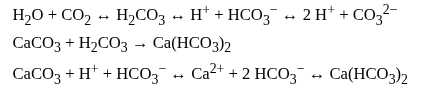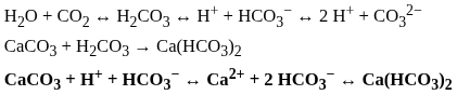 <table class="nogrid" style="margin:auto;">
 <tr>
 <td>H<sub>2</sub>O + CO<sub>2</sub> ↔ H<sub>2</sub>CO<sub>3</sub> ↔ H<sup>+</sup> + HCO<sub>3</sub><sup>−</sup> ↔ 2 H<sup>+</sup> + CO<sub>3</sub><sup>2−</sup></td>
 </tr>
 <tr>
 <td>CaCO<sub>3</sub> + H<sub>2</sub>CO<sub>3</sub> → Ca(HCO<sub>3</sub>)<sub>2</sub></td>
 </tr>
 <tr>
-<td>CaCO<sub>3</sub> + H<sup>+</sup> + HCO<sub>3</sub><sup>−</sup> ↔ Ca<sup>2+</sup> + 2 HCO<sub>3</sub><sup>−</sup> ↔ Ca(HCO<sub>3</sub>)<sub>2</sub></td>
+<td><strong>CaCO<sub>3</sub> + H<sup>+</sup> + HCO<sub>3</sub><sup>−</sup> ↔ Ca<sup>2+</sup> + 2 HCO<sub>3</sub><sup>−</sup> ↔ Ca(HCO<sub>3</sub>)<sub>2</sub></strong></td>
 </tr>
 </table>
